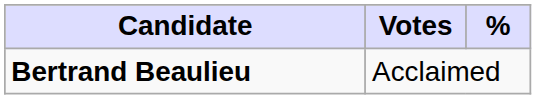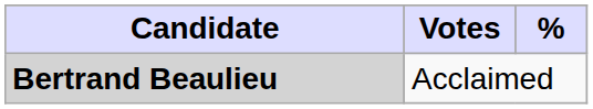 <table class="wikitable">
 <tr>
 <th style="background:#ddf; width:200px;">Candidate</th>
 <th style="background:#ddf; width:50px;">Votes</th>
 <th style="background:#ddf; width:30px;">%</th>
 </tr>
 <tr>
-<td><strong>Bertrand Beaulieu</strong></td>
+<td style="background: lightgrey;"><strong>Bertrand Beaulieu</strong></td>
 <td colspan="2">Acclaimed</td>
 </tr>
 </table>
